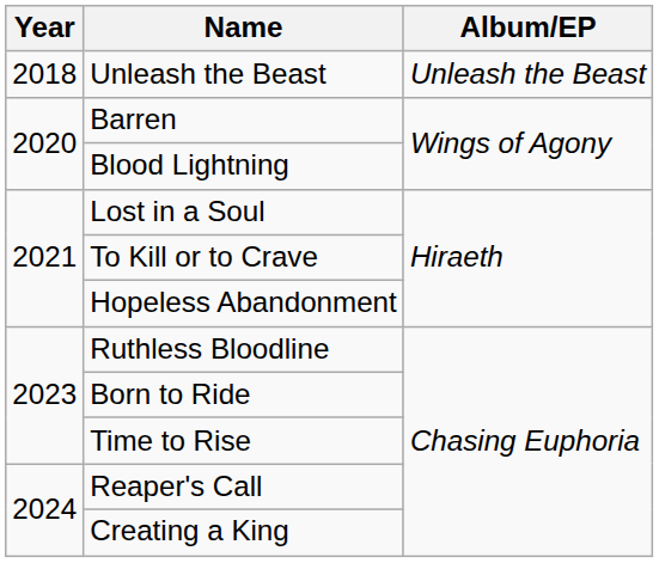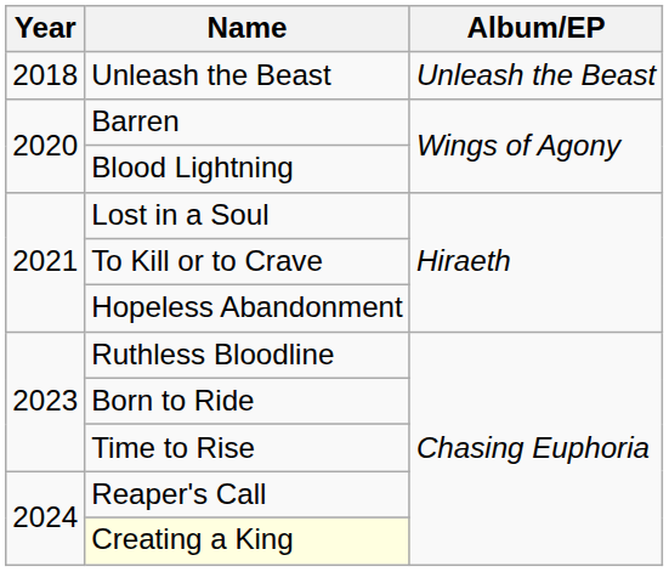 <table class="wikitable">
 <tr>
 <th>Year</th>
 <th>Name</th>
 <th>Album/EP</th>
 </tr>
 <tr>
 <td>2018</td>
 <td>Unleash the Beast</td>
 <td><em>Unleash the Beast</em></td>
 </tr>
 <tr>
 <td rowspan="2">2020</td>
 <td>Barren</td>
 <td rowspan="2"><em>Wings of Agony</em></td>
 </tr>
 <tr>
 <td>Blood Lightning</td>
 </tr>
 <tr>
 <td rowspan="3">2021</td>
 <td>Lost in a Soul</td>
 <td rowspan="3"><em>Hiraeth</em></td>
 </tr>
 <tr>
 <td>To Kill or to Crave</td>
 </tr>
 <tr>
 <td>Hopeless Abandonment</td>
 </tr>
 <tr>
 <td rowspan="3">2023</td>
 <td>Ruthless Bloodline</td>
 <td rowspan="5"><em>Chasing Euphoria</em></td>
 </tr>
 <tr>
 <td>Born to Ride</td>
 </tr>
 <tr>
 <td>Time to Rise</td>
 </tr>
 <tr>
 <td rowspan="2">2024</td>
 <td>Reaper's Call</td>
 </tr>
 <tr>
-<td>Creating a King</td>
+<td style="background: lightyellow;">Creating a King</td>
 </tr>
 </table>
